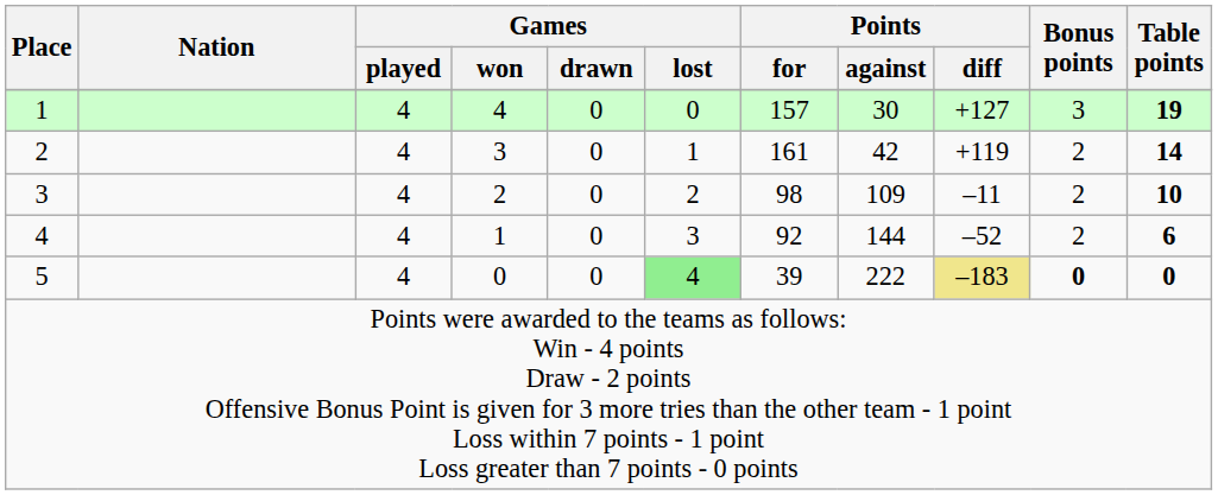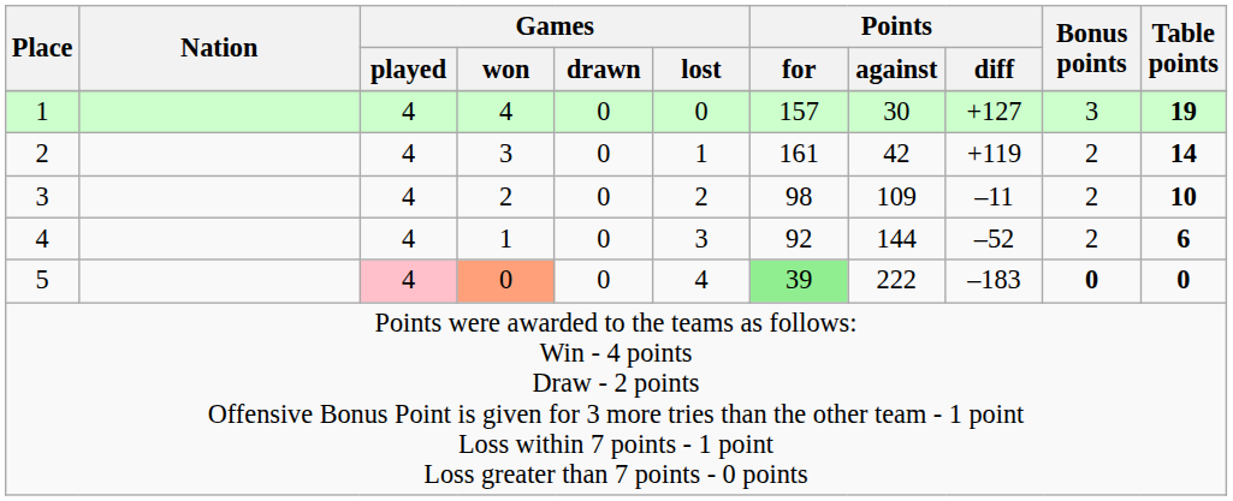 <table class="wikitable">
 <tr>
 <th rowspan=2 width="6%">Place</th>
 <th rowspan=2 width="23%">Nation</th>
 <th colspan=4 width="40%">Games</th>
 <th colspan=3 width="24%">Points</th>
 <th rowspan=2 width="8%">Bonus<br>points</th>
 <th rowspan=2 width="10%">Table<br>points</th>
 </tr>
 <tr>
 <th width="8%">played</th>
 <th width="8%">won</th>
 <th width="8%">drawn</th>
 <th width="8%">lost</th>
 <th width="8%">for</th>
 <th width="8%">against</th>
 <th width="8%">diff</th>
 </tr>
 <tr>
 </tr>
 <tr align=center bgcolor=ccffcc>
 <td>1</td>
 <td align=left></td>
 <td>4</td>
 <td>4</td>
 <td>0</td>
 <td>0</td>
 <td>157</td>
 <td>30</td>
 <td>+127</td>
 <td>3</td>
 <td><strong>19</strong></td>
 </tr>
 <tr align=center>
 <td>2</td>
 <td align=left></td>
 <td>4</td>
 <td>3</td>
 <td>0</td>
 <td>1</td>
 <td>161</td>
 <td>42</td>
 <td>+119</td>
 <td>2</td>
 <td><strong>14</strong></td>
 </tr>
 <tr align=center>
 <td>3</td>
 <td align=left></td>
 <td>4</td>
 <td>2</td>
 <td>0</td>
 <td>2</td>
 <td>98</td>
 <td>109</td>
 <td>–11</td>
 <td>2</td>
 <td><strong>10</strong></td>
 </tr>
 <tr align=center>
 <td>4</td>
 <td align=left></td>
 <td>4</td>
 <td>1</td>
 <td>0</td>
 <td>3</td>
 <td>92</td>
 <td>144</td>
 <td>–52</td>
 <td>2</td>
 <td><strong>6</strong></td>
 </tr>
 <tr align=center>
 <td>5</td>
 <td align=left></td>
+<td style="background: pink;">4</td>
+<td style="background: lightsalmon;">0</td>
+<td>0</td>
 <td>4</td>
-<td>0</td>
-<td>0</td>
-<td style="background: lightgreen;">4</td>
-<td>39</td>
+<td style="background: lightgreen;">39</td>
 <td>222</td>
-<td style="background: khaki;">–183</td>
+<td>–183</td>
 <td><strong>0</strong></td>
 <td><strong>0</strong></td>
 </tr>
 <tr>
 <td colspan="100%" style="text-align:center;">Points were awarded to the teams as follows:<br>Win - 4 points<br>Draw - 2 points<br> Offensive Bonus Point is given for 3 more tries than the other team - 1 point<br> Loss within 7 points - 1 point<br>Loss greater than 7 points - 0 points</td>
 </tr>
 </table>
